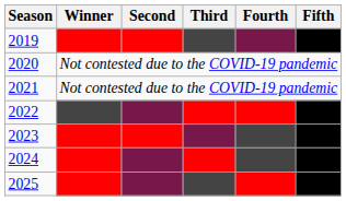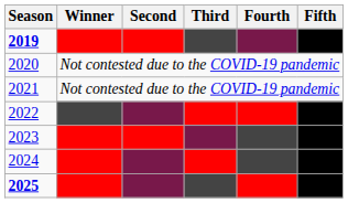 <table class="wikitable">
 <tr style="background:#efefef;">
 <th>Season</th>
 <th>Winner</th>
 <th>Second</th>
 <th>Third</th>
 <th>Fourth</th>
 <th>Fifth</th>
 </tr>
 <tr>
-<td><a href='#'>2019</a></td>
+<td><strong><a href='#'>2019</a></strong></td>
 <td bgcolor="Red" div style="text-align: center;"></td>
 <td bgcolor="red" style="text-align: center;" div></td>
 <td bgcolor="#444444" style="text-align: center;" div></td>
 <td bgcolor="#78184A" div style="text-align: center;"></td>
 <td bgcolor="Black" div style="text-align: center;"></td>
 </tr>
 <tr>
 <td><a href='#'>2020</a></td>
 <td align=left colspan="6"><em>Not contested due to the <a href='#'>COVID-19 pandemic</a></em></td>
 </tr>
 <tr>
 <td><a href='#'>2021</a></td>
 <td align=left colspan="6"><em>Not contested due to the <a href='#'>COVID-19 pandemic</a></em></td>
 </tr>
 <tr>
 <td><a href='#'>2022</a></td>
 <td bgcolor="#444444" style="text-align: center;" div></td>
 <td bgcolor="#78184A" div style="text-align: center;"></td>
 <td bgcolor="Red" div style="text-align: center;"></td>
 <td bgcolor="red" style="text-align: center;" div></td>
 <td bgcolor="Black" div style="text-align: center;"></td>
 </tr>
 <tr>
 <td><a href='#'>2023</a></td>
 <td bgcolor="red" style="text-align: center;" div></td>
 <td bgcolor="Red" div style="text-align: center;"></td>
 <td bgcolor="#78184A" div style="text-align: center;"></td>
 <td bgcolor="#444444" style="text-align: center;" div></td>
 <td bgcolor="Black" div style="text-align: center;"></td>
 </tr>
 <tr>
 <td><a href='#'>2024</a></td>
 <td bgcolor="red" style="text-align: center;" div></td>
 <td bgcolor="#78184A" div style="text-align: center;"></td>
 <td bgcolor="Red" div style="text-align: center;"></td>
 <td bgcolor="#444444" style="text-align: center;" div></td>
 <td bgcolor="Black" div style="text-align: center;"></td>
 </tr>
 <tr>
-<td><a href='#'>2025</a></td>
+<td><strong><a href='#'>2025</a></strong></td>
 <td bgcolor="Red" div style="text-align: center;"></td>
 <td bgcolor="#78184A" div style="text-align: center;"></td>
 <td bgcolor="#444444" style="text-align: center;" div></td>
 <td bgcolor="red" style="text-align: center;" div></td>
 <td bgcolor="Black" div style="text-align: center;"></td>
 </tr>
 </table>
